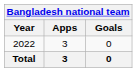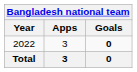 <table class=wikitable style=text-align:center>
 <tr>
 <th colspan=3><a href='#'>Bangladesh national team</a></th>
 </tr>
 <tr>
 <th>Year</th>
 <th>Apps</th>
 <th>Goals</th>
 </tr>
 <tr>
 <td>2022</td>
 <td>3</td>
-<td>0</td>
+<td><strong>0</strong></td>
 </tr>
 <tr>
 <th colspan=1>Total</th>
 <th>3</th>
 <th>0</th>
 </tr>
 </table>
